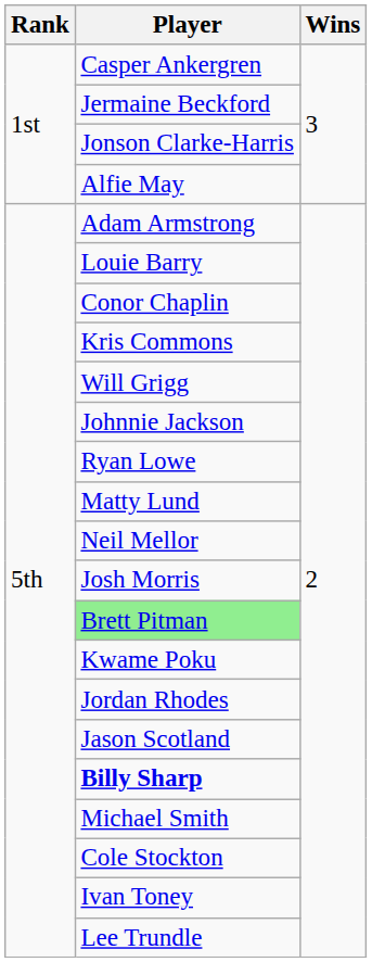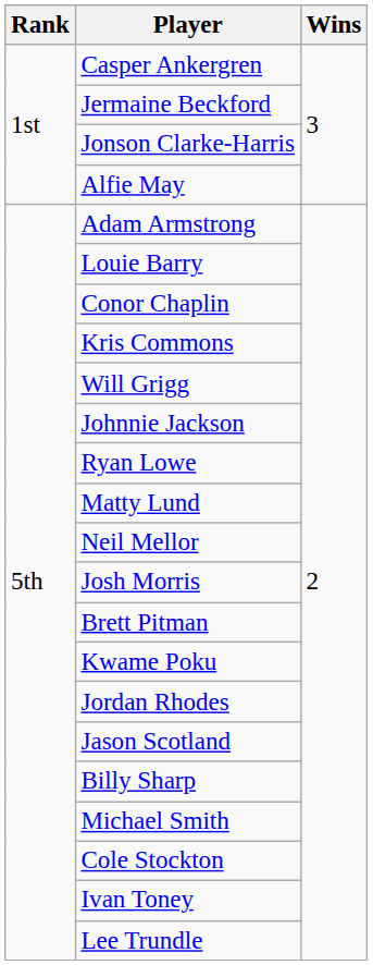 <table class="wikitable">
 <tr>
 <th>Rank</th>
 <th>Player</th>
 <th>Wins</th>
 </tr>
 <tr>
 <td rowspan="4">1st</td>
 <td> <a href='#'>Casper Ankergren</a></td>
 <td rowspan="4">3</td>
 </tr>
 <tr>
 <td> <a href='#'>Jermaine Beckford</a></td>
 </tr>
 <tr>
 <td> <a href='#'>Jonson Clarke-Harris</a></td>
 </tr>
 <tr>
 <td> <a href='#'>Alfie May</a></td>
 </tr>
 <tr>
 <td rowspan="19">5th</td>
 <td> <a href='#'>Adam Armstrong</a></td>
 <td rowspan="19">2</td>
 </tr>
 <tr>
 <td> <a href='#'>Louie Barry</a></td>
 </tr>
 <tr>
 <td> <a href='#'>Conor Chaplin</a></td>
 </tr>
 <tr>
 <td> <a href='#'>Kris Commons</a></td>
 </tr>
 <tr>
 <td> <a href='#'>Will Grigg</a></td>
 </tr>
 <tr>
 <td> <a href='#'>Johnnie Jackson</a></td>
 </tr>
 <tr>
 <td> <a href='#'>Ryan Lowe</a></td>
 </tr>
 <tr>
 <td> <a href='#'>Matty Lund</a></td>
 </tr>
 <tr>
 <td> <a href='#'>Neil Mellor</a></td>
 </tr>
 <tr>
 <td> <a href='#'>Josh Morris</a></td>
 </tr>
 <tr>
-<td style="background: lightgreen;"> <a href='#'>Brett Pitman</a></td>
+<td> <a href='#'>Brett Pitman</a></td>
 </tr>
 <tr>
 <td> <a href='#'>Kwame Poku</a></td>
 </tr>
 <tr>
 <td> <a href='#'>Jordan Rhodes</a></td>
 </tr>
 <tr>
 <td> <a href='#'>Jason Scotland</a></td>
 </tr>
 <tr>
-<td><strong> <a href='#'>Billy Sharp</a></strong></td>
+<td> <a href='#'>Billy Sharp</a></td>
 </tr>
 <tr>
 <td> <a href='#'>Michael Smith</a></td>
 </tr>
 <tr>
 <td> <a href='#'>Cole Stockton</a></td>
 </tr>
 <tr>
 <td> <a href='#'>Ivan Toney</a></td>
 </tr>
 <tr>
 <td> <a href='#'>Lee Trundle</a></td>
 </tr>
 </table>
